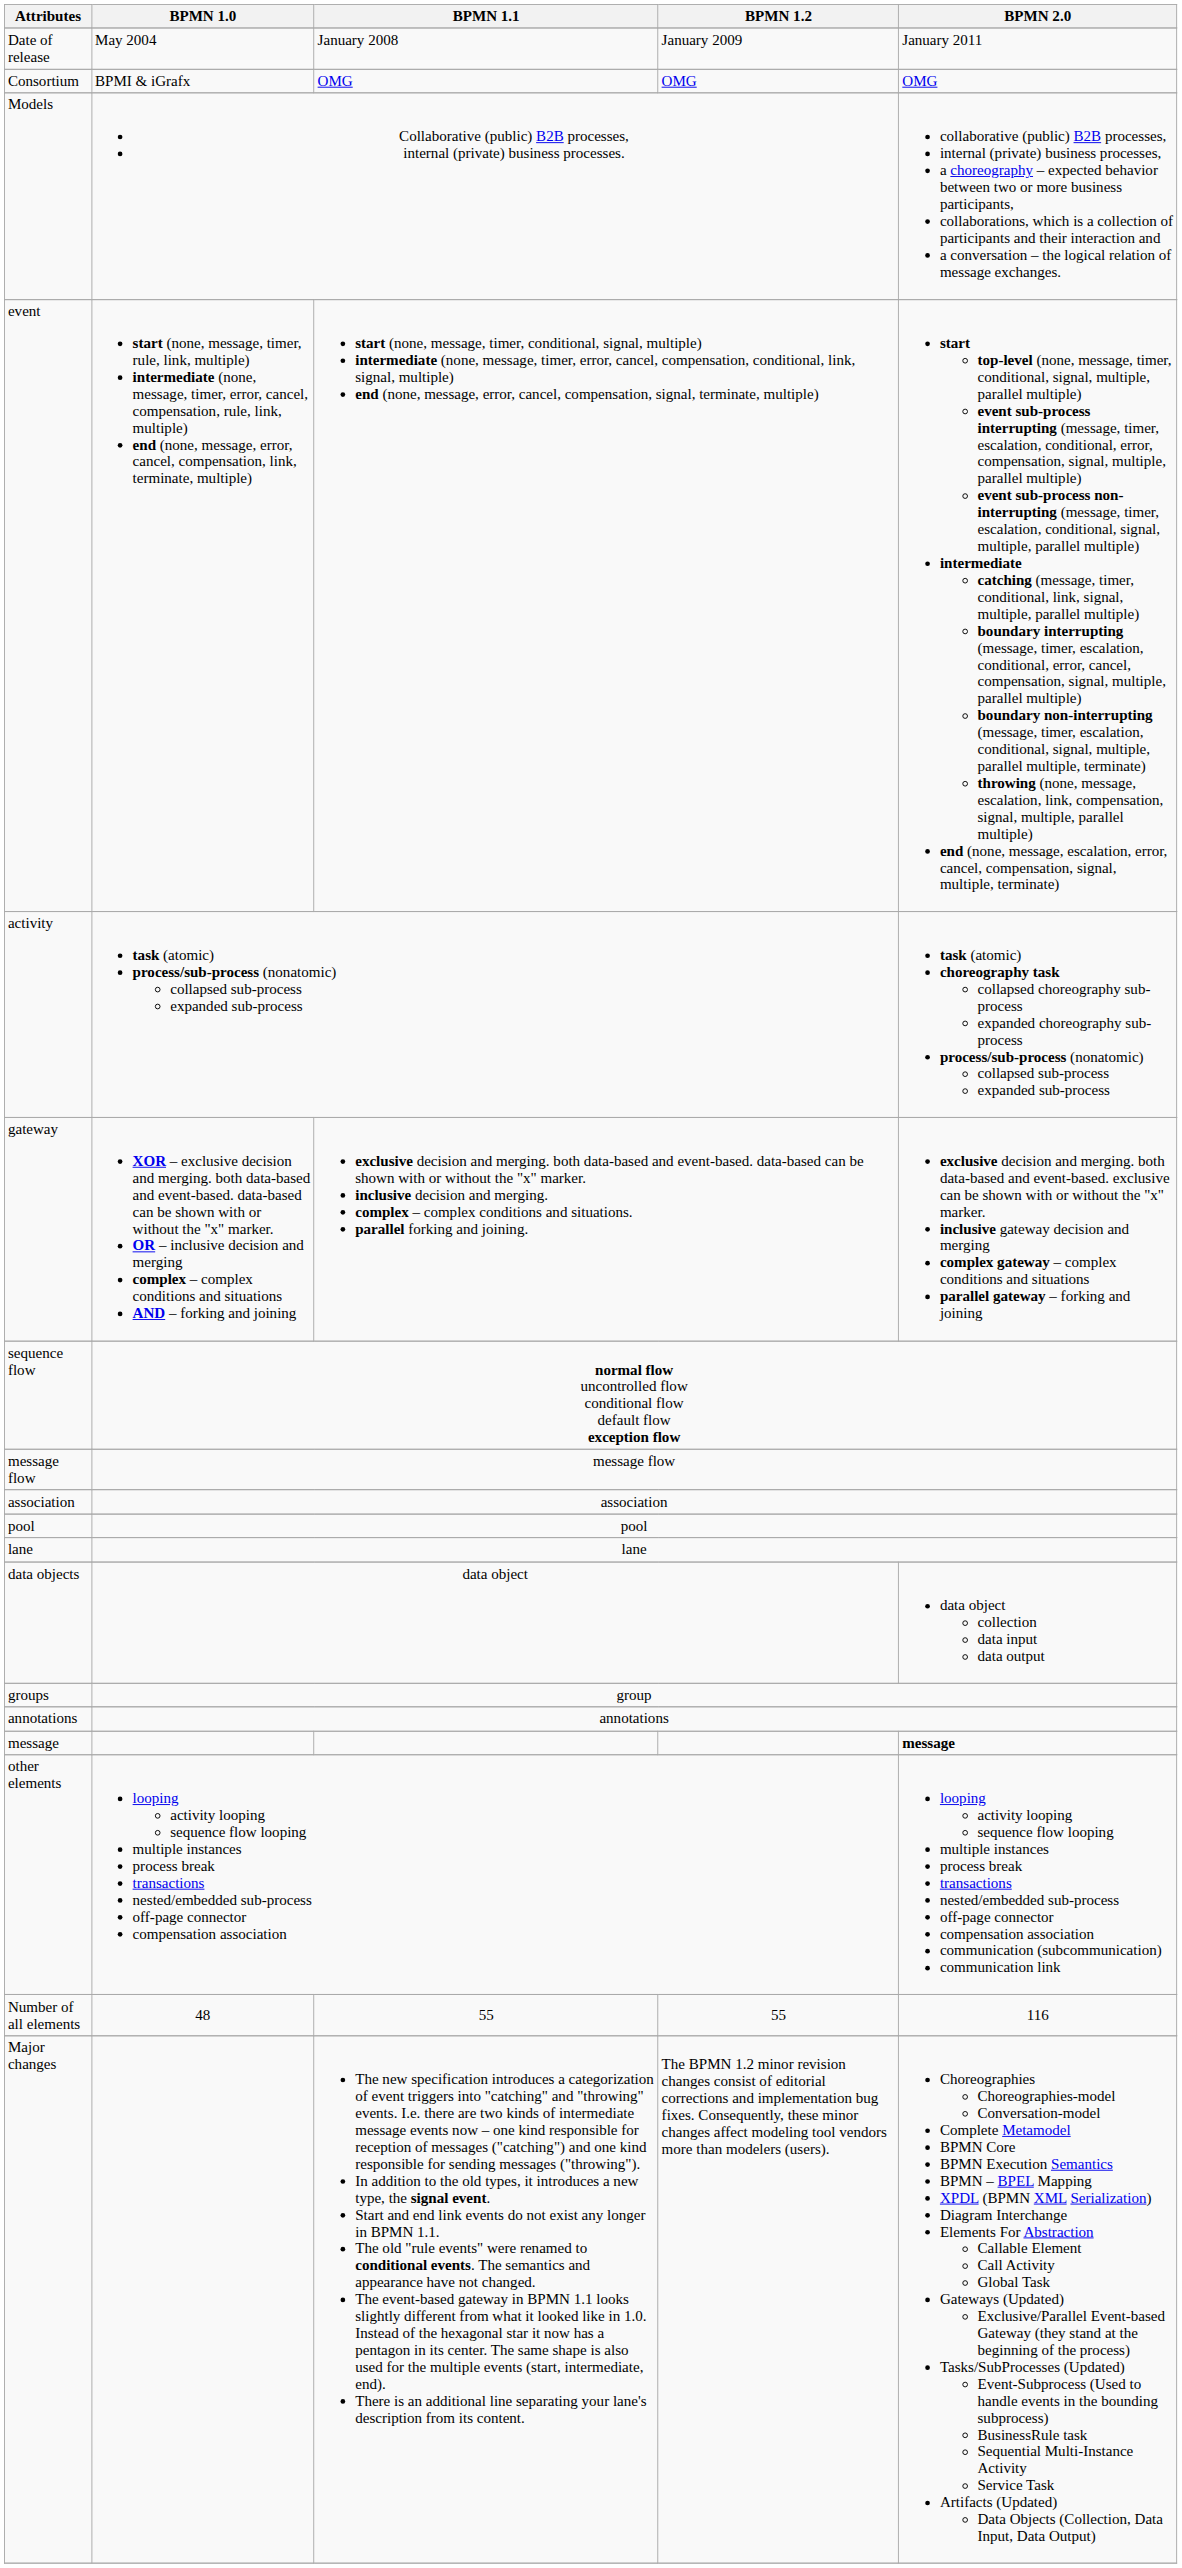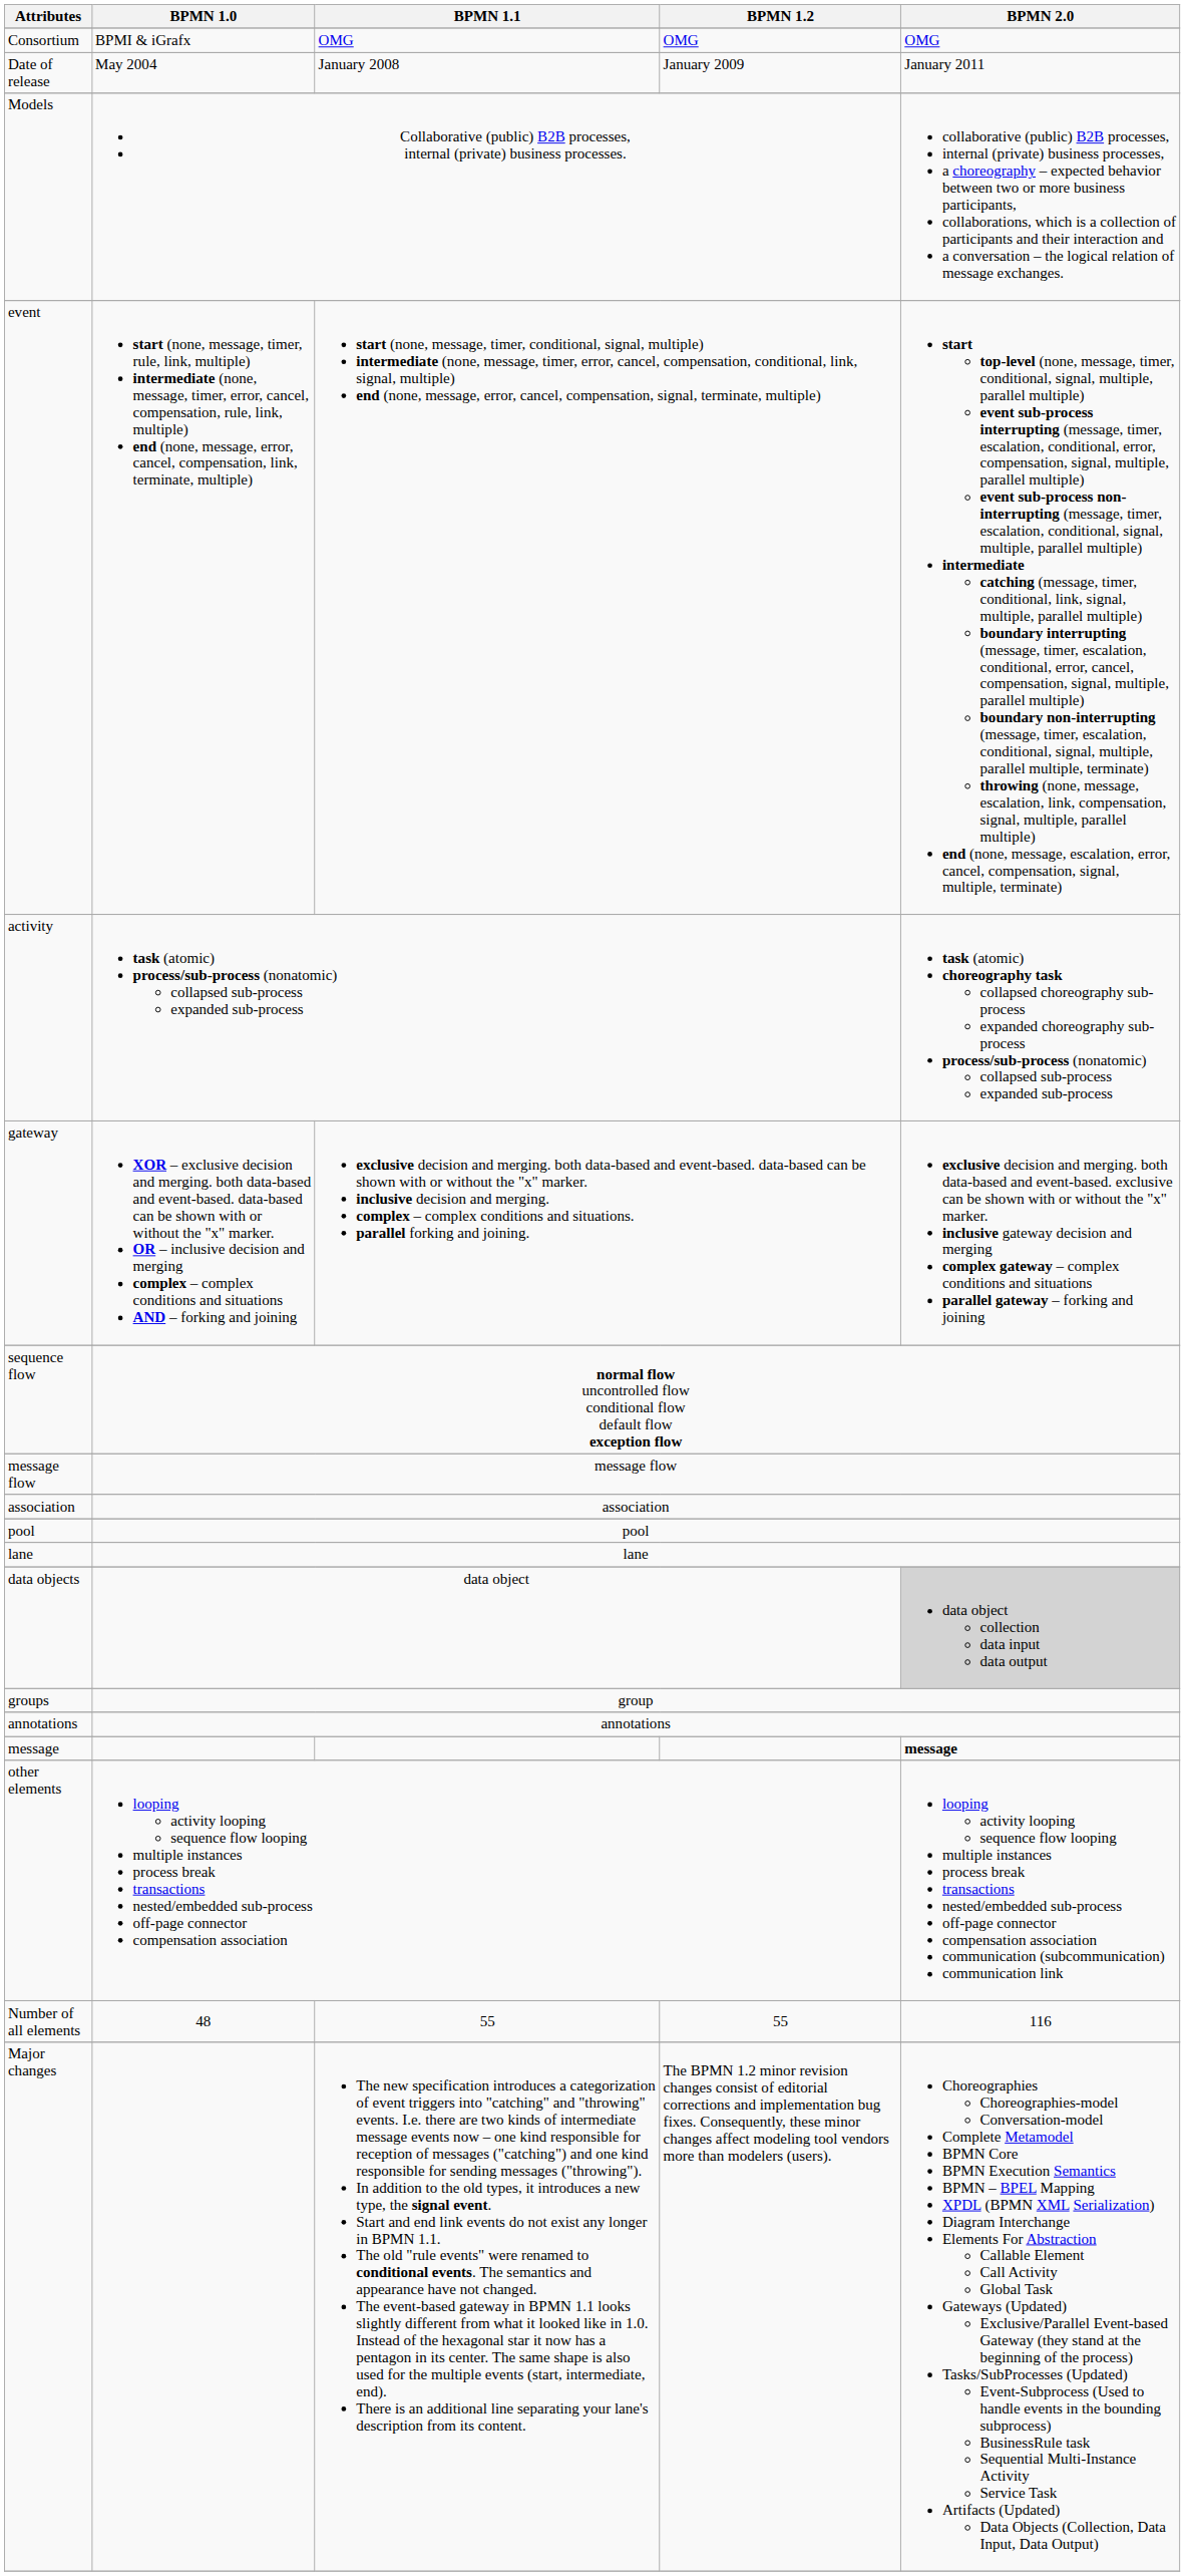 <table class="wikitable">
 <tr>
 <th>Attributes</th>
 <th>BPMN 1.0</th>
 <th>BPMN 1.1</th>
 <th>BPMN 1.2</th>
 <th>BPMN 2.0</th>
 </tr>
 <tr --->
 </tr>
 <tr valign="top">
+<td>Consortium</td>
+<td>BPMI & iGrafx</td>
+<td><a href='#'>OMG</a></td>
+<td><a href='#'>OMG</a></td>
+<td><a href='#'>OMG</a></td>
+</tr>
+<tr --->
+</tr>
+<tr valign="top">
 <td>Date of release</td>
 <td>May 2004</td>
 <td>January 2008</td>
 <td>January 2009</td>
 <td>January 2011</td>
-</tr>
-<tr --->
-</tr>
-<tr valign="top">
-<td>Consortium</td>
-<td>BPMI & iGrafx</td>
-<td><a href='#'>OMG</a></td>
-<td><a href='#'>OMG</a></td>
-<td><a href='#'>OMG</a></td>
 </tr>
 <tr --->
 </tr>
 <tr valign="top">
 <td>Models</td>
 <td colspan="3" align="center"><br><ul><li>Collaborative (public) <a href='#'>B2B</a> processes,</li><li>internal (private) business processes.</li></ul></td>
 <td><br><ul><li>collaborative (public) <a href='#'>B2B</a> processes,</li><li>internal (private) business processes,</li><li>a <a href='#'>choreography</a> – expected behavior between two or more business participants,</li><li>collaborations, which is a collection of participants and their interaction and</li><li>a conversation – the logical relation of message exchanges.</li></ul></td>
 </tr>
 <tr --->
 </tr>
 <tr valign="top">
 <td>event</td>
 <td><br><ul><li><strong>start</strong> (none, message, timer, rule, link, multiple)</li><li><strong>intermediate</strong> (none, message, timer, error, cancel, compensation, rule, link, multiple)</li><li><strong>end</strong> (none, message, error, cancel, compensation, link, terminate, multiple)</li></ul></td>
 <td colspan="2"><br><ul><li><strong>start</strong> (none, message, timer, conditional, signal, multiple)</li><li><strong>intermediate</strong> (none, message, timer, error, cancel, compensation, conditional, link, signal, multiple)</li><li><strong>end</strong> (none, message, error, cancel, compensation, signal, terminate, multiple)</li></ul></td>
 <td><br><ul><li><strong>start</strong><ul><li><strong>top-level</strong> (none, message, timer, conditional, signal, multiple, parallel multiple)</li><li><strong>event sub-process interrupting</strong> (message, timer, escalation, conditional, error, compensation, signal, multiple, parallel multiple)</li><li><strong>event sub-process non-interrupting</strong> (message, timer, escalation, conditional, signal, multiple, parallel multiple)</li></ul></li><li><strong>intermediate</strong><ul><li><strong>catching</strong> (message, timer, conditional, link, signal, multiple, parallel multiple)</li><li><strong>boundary interrupting</strong> (message, timer, escalation, conditional, error, cancel, compensation, signal, multiple, parallel multiple)</li><li><strong>boundary non-interrupting</strong> (message, timer, escalation, conditional, signal, multiple, parallel multiple, terminate)</li><li><strong>throwing</strong> (none, message, escalation, link, compensation, signal, multiple, parallel multiple)</li></ul></li><li><strong>end</strong> (none, message, escalation, error, cancel, compensation, signal, multiple, terminate)</li></ul></td>
 </tr>
 <tr --->
 </tr>
 <tr valign="top">
 <td>activity</td>
 <td colspan="3"><br><ul><li><strong>task</strong> (atomic)</li><li><strong>process/sub-process</strong> (nonatomic)<ul><li>collapsed sub-process</li><li>expanded sub-process</li></ul></li></ul></td>
 <td><br><ul><li><strong>task</strong> (atomic)</li><li><strong>choreography task</strong><ul><li>collapsed choreography sub-process</li><li>expanded choreography sub-process</li></ul></li><li><strong>process/sub-process</strong> (nonatomic)<ul><li>collapsed sub-process</li><li>expanded sub-process</li></ul></li></ul></td>
 </tr>
 <tr --->
 </tr>
 <tr valign="top">
 <td>gateway</td>
 <td><br><ul><li><strong><a href='#'>XOR</a></strong> – exclusive decision and merging. both data-based and event-based. data-based can be shown with or without the "x" marker.</li><li><strong><a href='#'>OR</a></strong> – inclusive decision and merging</li><li><strong>complex</strong> – complex conditions and situations</li><li><strong><a href='#'>AND</a></strong> – forking and joining</li></ul></td>
 <td colspan="2"><br><ul><li><strong>exclusive</strong> decision and merging. both data-based and event-based. data-based can be shown with or without the "x" marker.</li><li><strong>inclusive</strong> decision and merging.</li><li><strong>complex</strong> – complex conditions and situations.</li><li><strong>parallel</strong> forking and joining.</li></ul></td>
 <td><br><ul><li><strong>exclusive</strong> decision and merging. both data-based and event-based. exclusive can be shown with or without the "x" marker.</li><li><strong>inclusive</strong> gateway decision and merging</li><li><strong>complex gateway</strong> – complex conditions and situations</li><li><strong>parallel gateway</strong> – forking and joining</li></ul></td>
 </tr>
 <tr --->
 </tr>
 <tr valign="top">
 <td>sequence flow</td>
 <td colspan="4" align="center"><br><strong>normal flow</strong><br> uncontrolled flow <br> conditional flow <br> default flow <br> <strong>exception flow</strong></td>
 </tr>
 <tr --->
 </tr>
 <tr valign="top">
 <td>message flow</td>
 <td colspan="4" align="center">message flow</td>
 </tr>
 <tr --->
 </tr>
 <tr valign="top">
 <td>association</td>
 <td colspan="4" align="center">association</td>
 </tr>
 <tr --->
 </tr>
 <tr valign="top">
 <td>pool</td>
 <td colspan="4" align="center">pool</td>
 </tr>
 <tr --->
 </tr>
 <tr valign="top">
 <td>lane</td>
 <td colspan="4" align="center">lane</td>
 </tr>
 <tr --->
 </tr>
 <tr valign="top">
 <td>data objects</td>
 <td colspan="3" align="center">data object</td>
-<td><br><ul><li>data object<ul><li>collection</li><li>data input</li><li>data output</li></ul></li></ul></td>
+<td style="background: lightgrey;"><br><ul><li>data object<ul><li>collection</li><li>data input</li><li>data output</li></ul></li></ul></td>
 </tr>
 <tr --->
 </tr>
 <tr valign="top">
 <td>groups</td>
 <td colspan="4" align="center">group</td>
 </tr>
 <tr --->
 </tr>
 <tr valign="top">
 <td>annotations</td>
 <td colspan="4" align="center">annotations</td>
 </tr>
 <tr --->
 </tr>
 <tr valign="top">
 <td>message</td>
 <td></td>
 <td></td>
 <td></td>
 <td><strong>message</strong></td>
 </tr>
 <tr --->
 </tr>
 <tr valign="top">
 <td>other elements</td>
 <td colspan="3"><br><ul><li><a href='#'>looping</a><ul><li>activity looping</li><li>sequence flow looping</li></ul></li><li>multiple instances</li><li>process break</li><li><a href='#'>transactions</a></li><li>nested/embedded sub-process</li><li>off-page connector</li><li>compensation association</li></ul></td>
 <td><br><ul><li><a href='#'>looping</a><ul><li>activity looping</li><li>sequence flow looping</li></ul></li><li>multiple instances</li><li>process break</li><li><a href='#'>transactions</a></li><li>nested/embedded sub-process</li><li>off-page connector</li><li>compensation association</li><li>communication (subcommunication)</li><li>communication link</li></ul></td>
 </tr>
 <tr --->
 </tr>
 <tr valign="middle">
 <td>Number of all elements</td>
 <td align="center">48</td>
 <td align="center">55</td>
 <td align="center">55</td>
 <td align="center">116</td>
 </tr>
 <tr --->
 </tr>
 <tr valign="top">
 <td>Major changes</td>
 <td></td>
 <td><br><ul><li>The new specification introduces a categorization of event triggers into "catching" and "throwing" events. I.e. there are two kinds of intermediate message events now – one kind responsible for reception of messages ("catching") and one kind responsible for sending messages ("throwing").</li><li>In addition to the old types, it introduces a new type, the <strong>signal event</strong>.</li><li>Start and end link events do not exist any longer in BPMN 1.1.</li><li>The old "rule events" were renamed to <strong>conditional events</strong>. The semantics and appearance have not changed.</li><li>The event-based gateway in BPMN 1.1 looks slightly different from what it looked like in 1.0. Instead of the hexagonal star it now has a pentagon in its center. The same shape is also used for the multiple events (start, intermediate, end).</li><li>There is an additional line separating your lane's description from its content.</li></ul></td>
 <td><br>The BPMN 1.2 minor revision changes consist of editorial corrections and implementation bug fixes. Consequently, these minor changes affect modeling tool vendors more than modelers (users).</td>
 <td><br><ul><li>Choreographies<ul><li>Choreographies-model</li><li>Conversation-model</li></ul></li><li>Complete <a href='#'>Metamodel</a></li><li>BPMN Core</li><li>BPMN Execution <a href='#'>Semantics</a></li><li>BPMN – <a href='#'>BPEL</a> Mapping</li><li><a href='#'>XPDL</a> (BPMN <a href='#'>XML</a> <a href='#'>Serialization</a>)</li><li>Diagram Interchange</li><li>Elements For <a href='#'>Abstraction</a><ul><li>Callable Element</li><li>Call Activity</li><li>Global Task</li></ul></li><li>Gateways (Updated)<ul><li>Exclusive/Parallel Event-based Gateway (they stand at the beginning of the process)</li></ul></li><li>Tasks/SubProcesses (Updated)<ul><li>Event-Subprocess (Used to handle events in the bounding subprocess)</li><li>BusinessRule task</li><li>Sequential Multi-Instance Activity</li><li>Service Task</li></ul></li><li>Artifacts (Updated)<ul><li>Data Objects (Collection, Data Input, Data Output)</li></ul></li></ul></td>
 </tr>
 <tr>
 </tr>
 </table>
